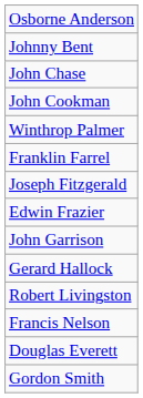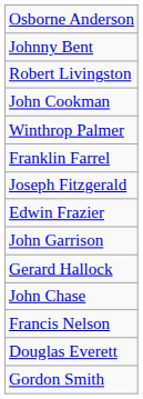 <table class=wikitable style=font-size:90%>
 <tr>
 <td><a href='#'>Osborne Anderson</a></td>
 </tr>
 <tr>
 <td><a href='#'>Johnny Bent</a></td>
 </tr>
 <tr>
-<td><a href='#'>John Chase</a></td>
+<td><a href='#'>Robert Livingston</a></td>
 </tr>
 <tr>
 <td><a href='#'>John Cookman</a></td>
 </tr>
 <tr>
 <td><a href='#'>Winthrop Palmer</a></td>
 </tr>
 <tr>
 <td><a href='#'>Franklin Farrel</a></td>
 </tr>
 <tr>
 <td><a href='#'>Joseph Fitzgerald</a></td>
 </tr>
 <tr>
 <td><a href='#'>Edwin Frazier</a></td>
 </tr>
 <tr>
 <td><a href='#'>John Garrison</a></td>
 </tr>
 <tr>
 <td><a href='#'>Gerard Hallock</a></td>
 </tr>
 <tr>
-<td><a href='#'>Robert Livingston</a></td>
+<td><a href='#'>John Chase</a></td>
 </tr>
 <tr>
 <td><a href='#'>Francis Nelson</a></td>
 </tr>
 <tr>
 <td><a href='#'>Douglas Everett</a></td>
 </tr>
 <tr>
 <td><a href='#'>Gordon Smith</a></td>
 </tr>
 </table>
